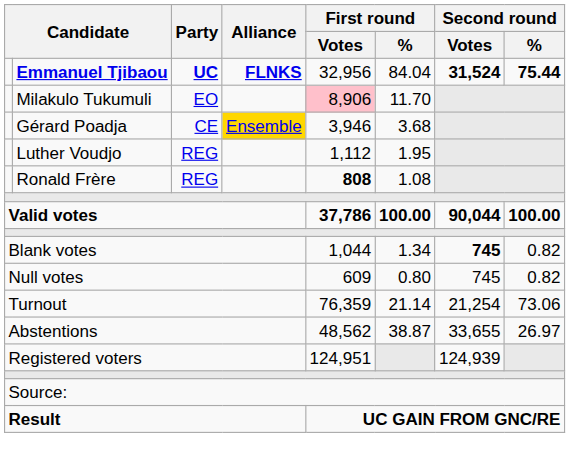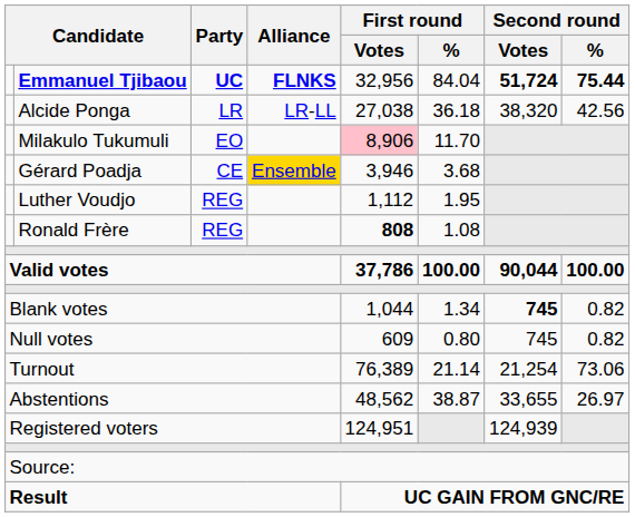 <table class="wikitable" style="text-align:right;font-size:95%;">
 <tr>
 <th colspan="2" rowspan="2">Candidate</th>
 <th colspan="1" rowspan="2">Party</th>
 <th colspan="1" rowspan="2">Alliance</th>
 <th colspan="2">First round</th>
 <th colspan="2">Second round</th>
 </tr>
 <tr>
 <th style="width:50px;">Votes</th>
 <th style="width:45px;">%</th>
 <th style="width:50px;">Votes</th>
 <th style="width:45px;">%</th>
 </tr>
 <tr>
 <td style="color:inherit;background:"></td>
 <td style="text-align:left;"><strong><a href='#'>Emmanuel Tjibaou</a></strong></td>
 <td><strong><a href='#'>UC</a></strong></td>
 <td><strong><a href='#'>FLNKS</a></strong></td>
 <td>32,956</td>
 <td>84.04</td>
-<td><strong>31,524</strong></td>
+<td><strong>51,724</strong></td>
 <td><strong>75.44</strong></td>
+</tr>
+<tr>
+<td style="color:inherit;background:"></td>
+<td style="text-align:left;">Alcide Ponga</td>
+<td><a href='#'>LR</a></td>
+<td><a href='#'>LR</a>-<a href='#'>LL</a></td>
+<td>27,038</td>
+<td>36.18</td>
+<td>38,320</td>
+<td>42.56</td>
 </tr>
 <tr>
 <td style="color:inherit;background:"></td>
 <td style="text-align:left;">Milakulo Tukumuli</td>
 <td><a href='#'>EO</a></td>
 <td></td>
 <td style="background: pink;">8,906</td>
 <td>11.70</td>
 <td colspan="2" rowspan="1" style="background:#E9E9E9;"></td>
 </tr>
 <tr>
 <td style="color:inherit;background:"></td>
 <td style="text-align:left;">Gérard Poadja</td>
 <td><a href='#'>CE</a></td>
 <td style="background: gold;"><a href='#'>Ensemble</a></td>
 <td>3,946</td>
 <td>3.68</td>
 <td colspan="2" rowspan="1" style="background:#E9E9E9;"></td>
 </tr>
 <tr>
 <td style="color:inherit;background:"></td>
 <td style="text-align:left;">Luther Voudjo</td>
 <td><a href='#'>REG</a></td>
 <td></td>
 <td>1,112</td>
 <td>1.95</td>
 <td colspan="2" rowspan="1" style="background:#E9E9E9;"></td>
 </tr>
 <tr>
 <td style="color:inherit;background:"></td>
 <td style="text-align:left;">Ronald Frère</td>
 <td><a href='#'>REG</a></td>
 <td></td>
 <td><strong>808</strong></td>
 <td>1.08</td>
 <td colspan="2" rowspan="1" style="background:#E9E9E9;"></td>
 </tr>
 <tr>
 <td colspan="8" style="background:#E9E9E9;"></td>
 </tr>
 <tr style="font-weight:bold;">
 <td colspan="4" style="text-align:left;">Valid votes</td>
 <td>37,786</td>
 <td>100.00</td>
 <td>90,044</td>
 <td>100.00</td>
 </tr>
 <tr>
 <td colspan="8" style="background:#E9E9E9;"></td>
 </tr>
 <tr>
 <td colspan="4" style="text-align:left;">Blank votes</td>
 <td>1,044</td>
 <td>1.34</td>
 <td><strong>745</strong></td>
 <td>0.82</td>
 </tr>
 <tr>
 <td colspan="4" style="text-align:left;">Null votes</td>
 <td>609</td>
 <td>0.80</td>
 <td>745</td>
 <td>0.82</td>
 </tr>
 <tr>
 <td colspan="4" style="text-align:left;">Turnout</td>
-<td>76,359</td>
+<td>76,389</td>
 <td>21.14</td>
 <td>21,254</td>
 <td>73.06</td>
 </tr>
 <tr>
 <td colspan="4" style="text-align:left;">Abstentions</td>
 <td>48,562</td>
 <td>38.87</td>
 <td>33,655</td>
 <td>26.97</td>
 </tr>
 <tr>
 <td colspan="4" style="text-align:left;">Registered voters</td>
 <td>124,951</td>
 <td style="background:#E9E9E9;"></td>
 <td>124,939</td>
 <td style="background:#E9E9E9;"></td>
 </tr>
 <tr>
 <td colspan="8" style="background:#E9E9E9;"></td>
 </tr>
 <tr>
 <td colspan="8" style="text-align:left;">Source: </td>
 </tr>
 <tr style="font-weight:bold">
 <td colspan="4" style="text-align:left;">Result</td>
 <td colspan="4" style="background-color:">UC GAIN FROM GNC/RE</td>
 </tr>
 </table>
